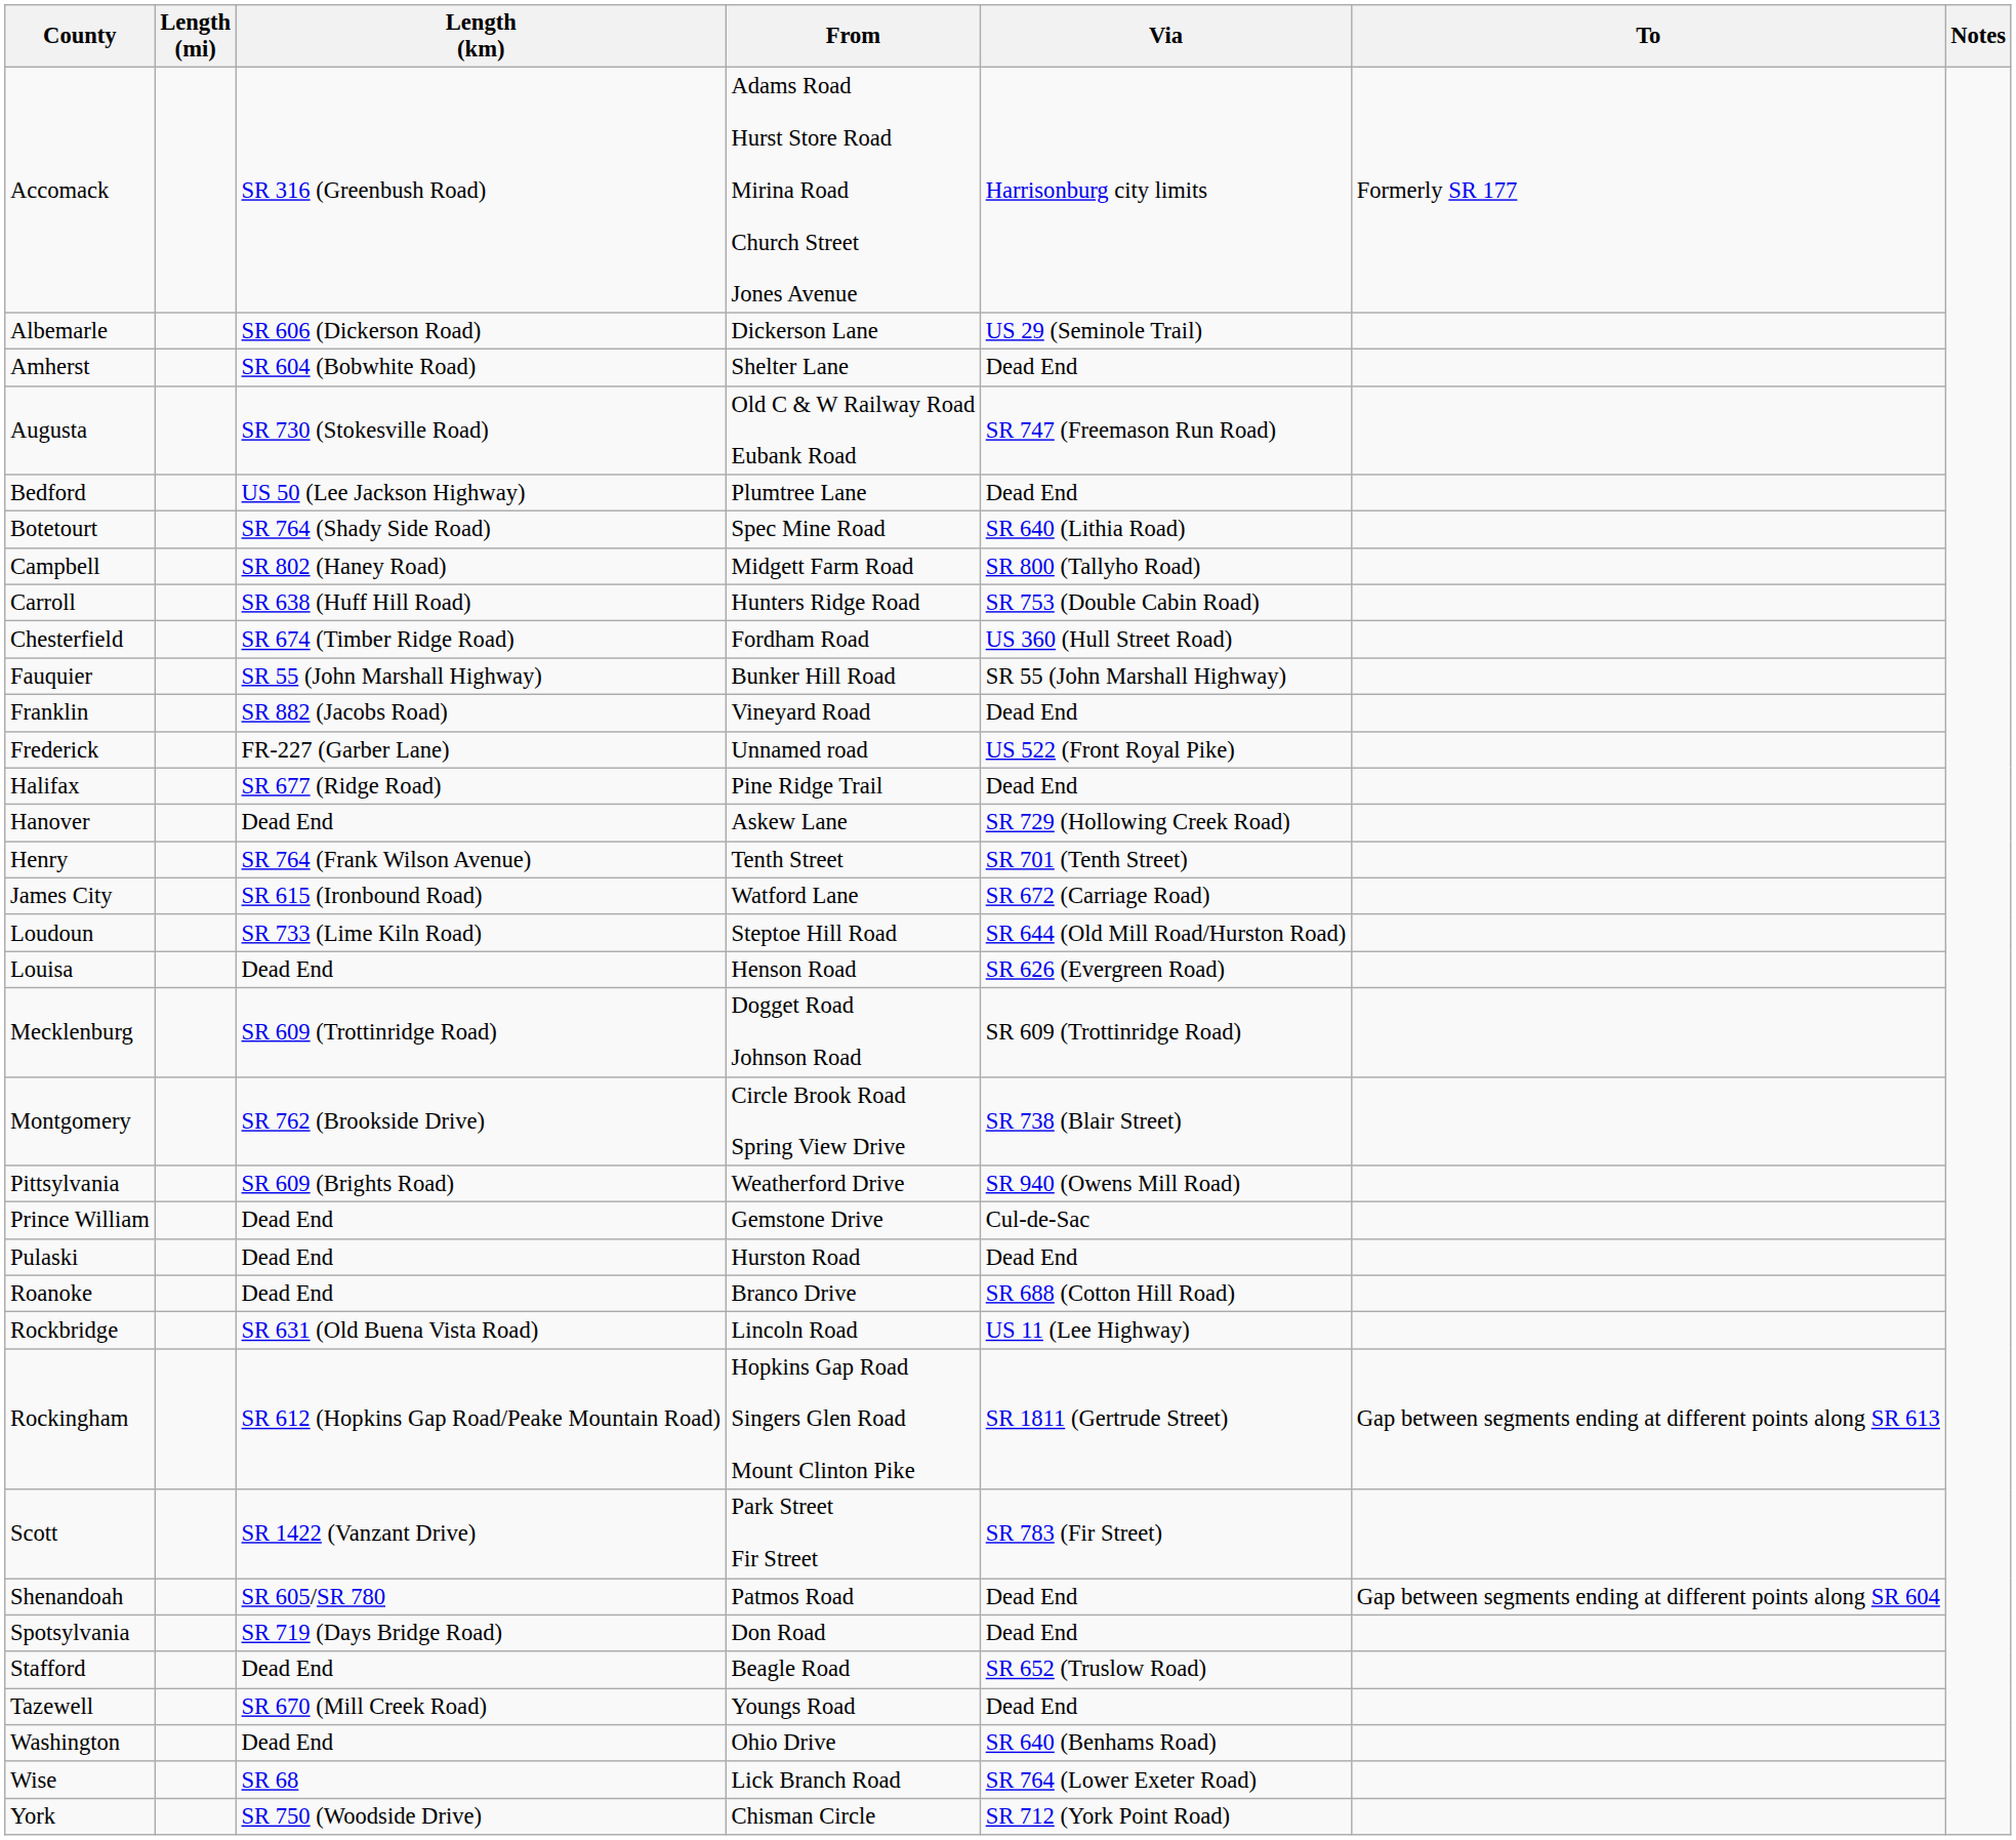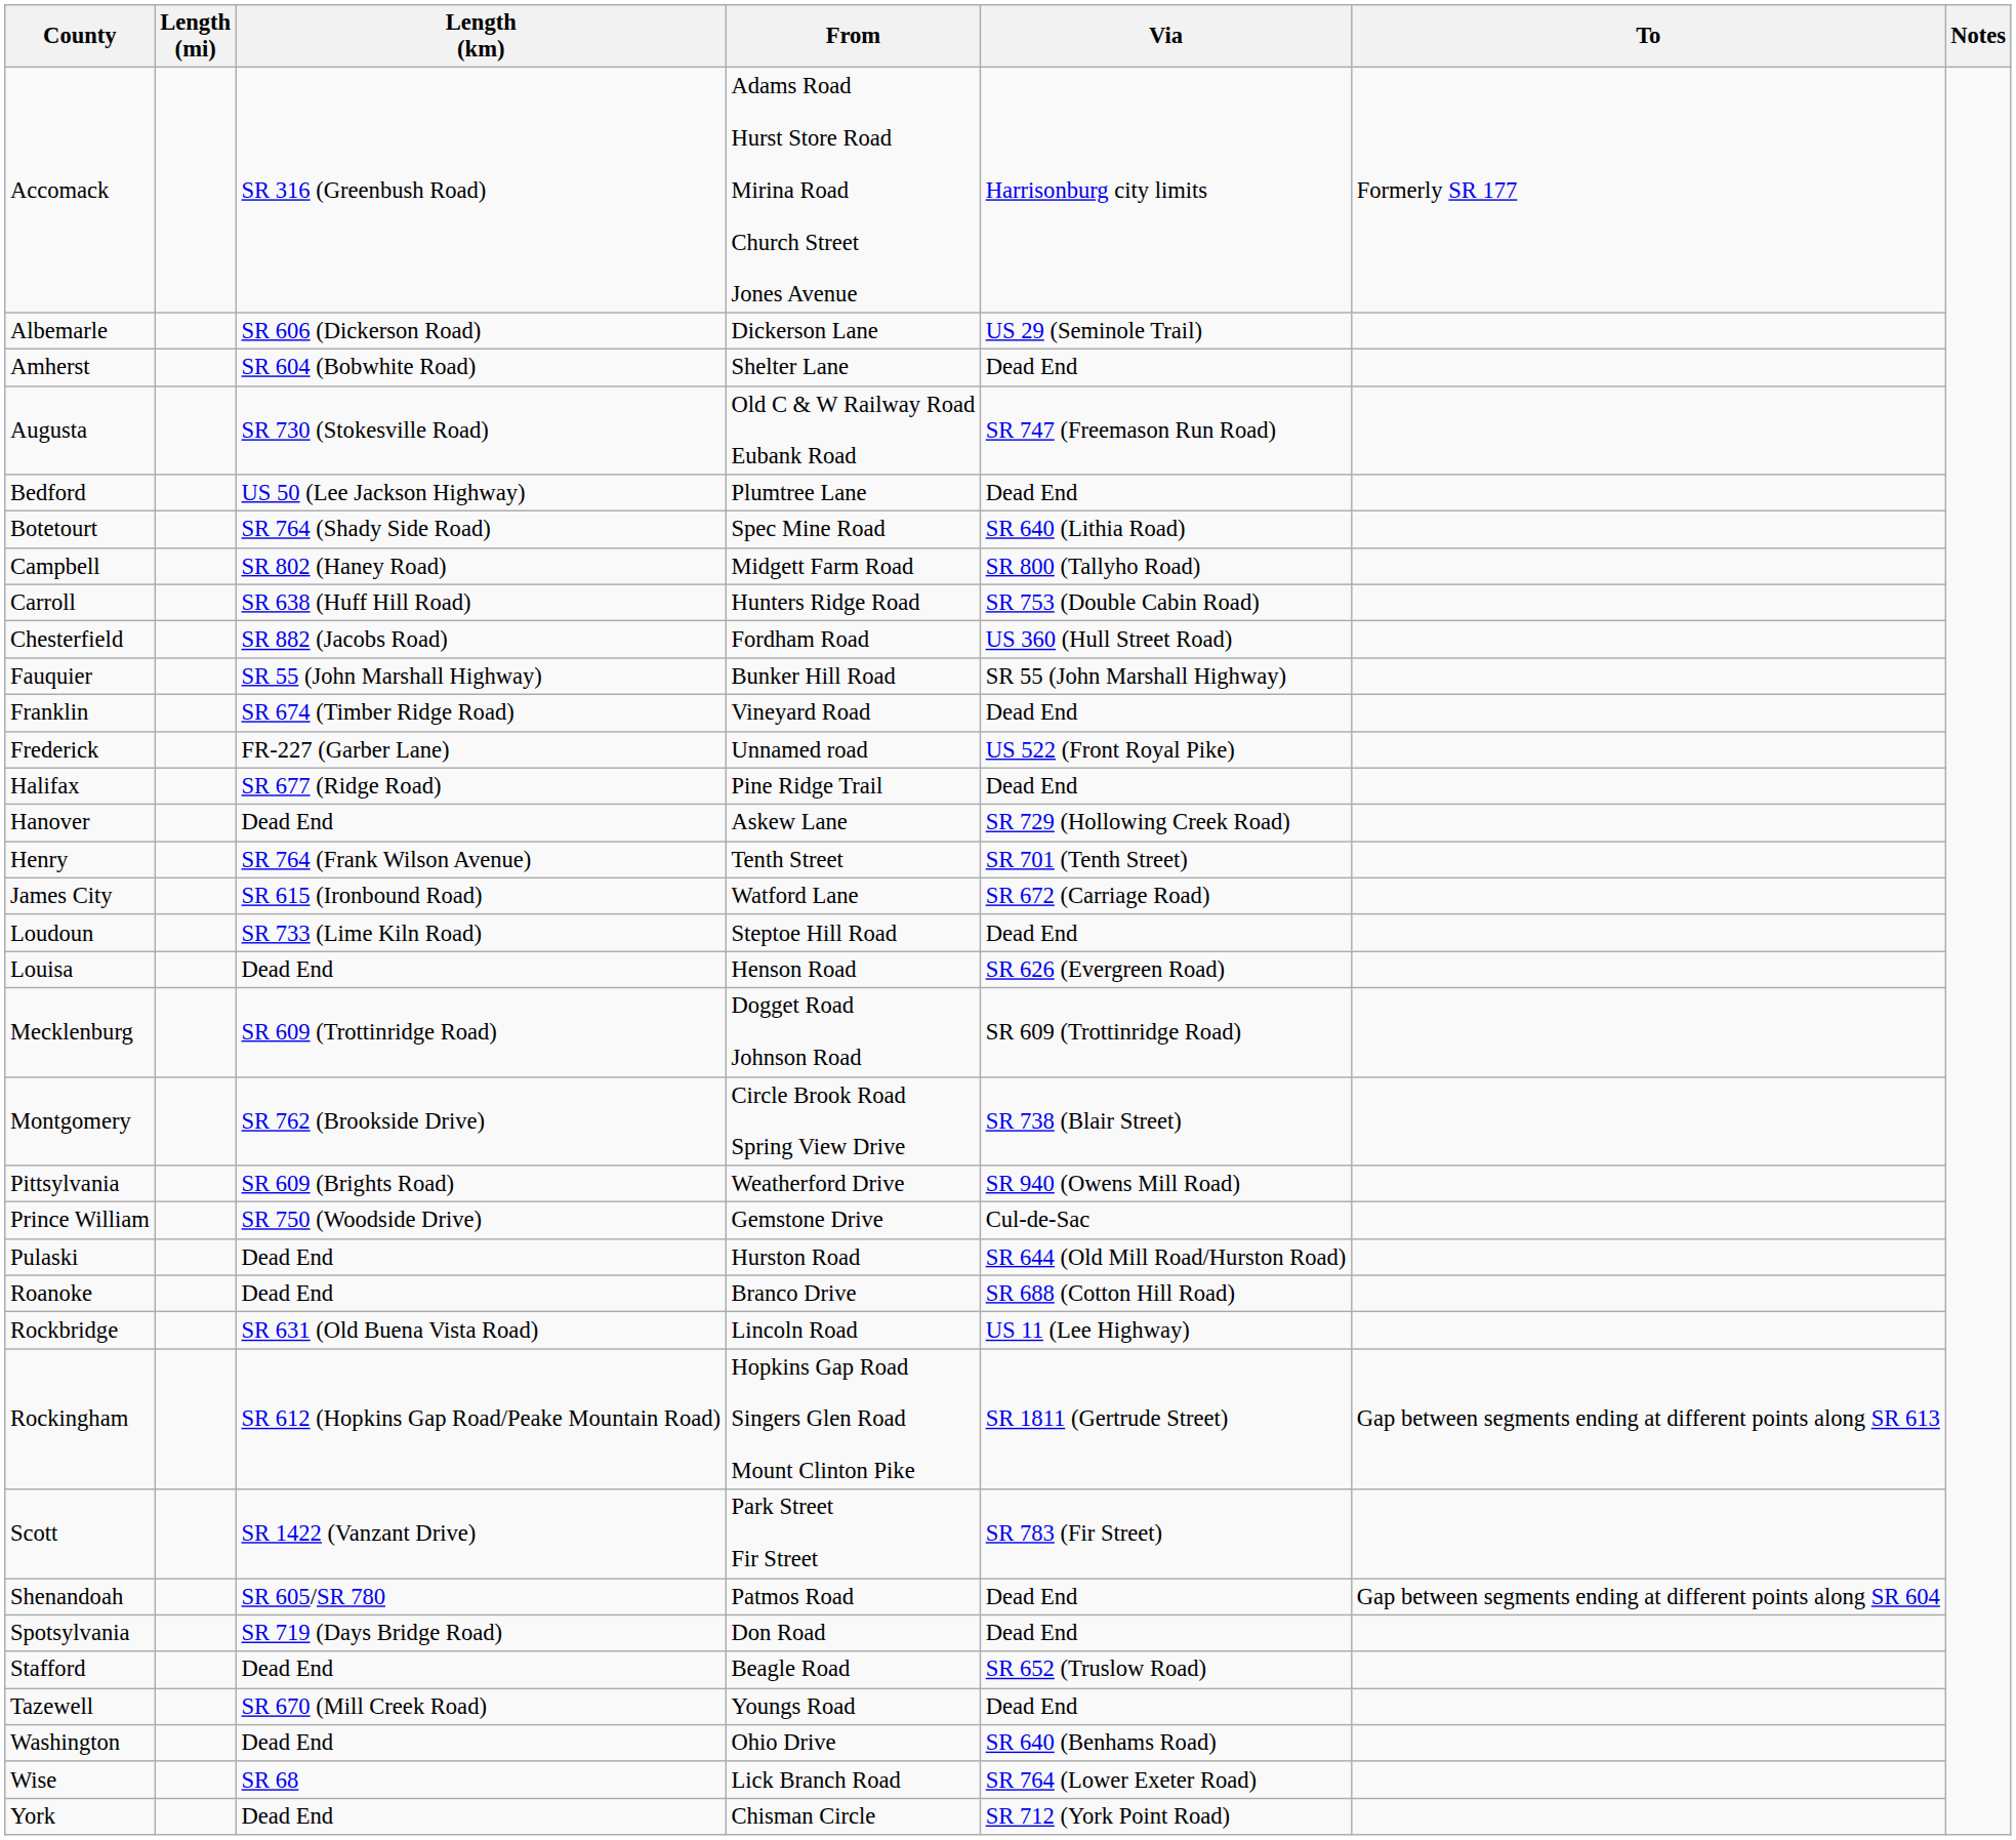 <table class="wikitable sortable">
 <tr>
 <th>County</th>
 <th>Length<br>(mi)</th>
 <th>Length<br>(km)</th>
 <th class="unsortable">From</th>
 <th class="unsortable">Via</th>
 <th class="unsortable">To</th>
 <th class="unsortable">Notes</th>
 </tr>
 <tr>
 <td id="Accomack">Accomack</td>
 <td></td>
 <td><a href='#'>SR 316</a> (Greenbush Road)</td>
 <td>Adams Road<br><br>Hurst Store Road<br><br>Mirina Road<br><br>Church Street<br><br>Jones Avenue</td>
 <td><a href='#'>Harrisonburg</a> city limits</td>
 <td>Formerly <a href='#'>SR 177</a></td>
 </tr>
 <tr>
 <td id="Albemarle">Albemarle</td>
 <td></td>
 <td><a href='#'>SR 606</a> (Dickerson Road)</td>
 <td>Dickerson Lane</td>
 <td><a href='#'>US 29</a> (Seminole Trail)</td>
 <td><br> </td>
 </tr>
 <tr>
 <td id="Amherst">Amherst</td>
 <td></td>
 <td><a href='#'>SR 604</a> (Bobwhite Road)</td>
 <td>Shelter Lane</td>
 <td>Dead End</td>
 <td><br> </td>
 </tr>
 <tr>
 <td id="Augusta">Augusta</td>
 <td></td>
 <td><a href='#'>SR 730</a> (Stokesville Road)</td>
 <td>Old C & W Railway Road<br><br>Eubank Road</td>
 <td><a href='#'>SR 747</a> (Freemason Run Road)</td>
 <td><br></td>
 </tr>
 <tr>
 <td id="Bedford">Bedford</td>
 <td></td>
 <td><a href='#'>US 50</a> (Lee Jackson Highway)</td>
 <td>Plumtree Lane</td>
 <td>Dead End</td>
 <td><br></td>
 </tr>
 <tr>
 <td id="Botetourt">Botetourt</td>
 <td></td>
 <td><a href='#'>SR 764</a> (Shady Side Road)</td>
 <td>Spec Mine Road</td>
 <td><a href='#'>SR 640</a> (Lithia Road)</td>
 <td><br>  </td>
 </tr>
 <tr>
 <td id="Campbell">Campbell</td>
 <td></td>
 <td><a href='#'>SR 802</a> (Haney Road)</td>
 <td>Midgett Farm Road</td>
 <td><a href='#'>SR 800</a> (Tallyho Road)</td>
 <td><br></td>
 </tr>
 <tr>
 <td id="Carroll">Carroll</td>
 <td></td>
 <td><a href='#'>SR 638</a> (Huff Hill Road)</td>
 <td>Hunters Ridge Road</td>
 <td><a href='#'>SR 753</a> (Double Cabin Road)</td>
 <td><br> </td>
 </tr>
 <tr>
 <td id="Chesterfield">Chesterfield</td>
 <td></td>
-<td><a href='#'>SR 674</a> (Timber Ridge Road)</td>
+<td><a href='#'>SR 882</a> (Jacobs Road)</td>
 <td>Fordham Road</td>
 <td><a href='#'>US 360</a> (Hull Street Road)</td>
 <td><br>       </td>
 </tr>
 <tr>
 <td id="Fauquier">Fauquier</td>
 <td></td>
 <td><a href='#'>SR 55</a> (John Marshall Highway)</td>
 <td>Bunker Hill Road</td>
 <td>SR 55 (John Marshall Highway)</td>
 <td><br> </td>
 </tr>
 <tr>
 <td id="Franklin">Franklin</td>
 <td></td>
-<td><a href='#'>SR 882</a> (Jacobs Road)</td>
+<td><a href='#'>SR 674</a> (Timber Ridge Road)</td>
 <td>Vineyard Road</td>
 <td>Dead End</td>
 <td></td>
 </tr>
 <tr>
 <td id="Frederick">Frederick</td>
 <td></td>
 <td>FR-227 (Garber Lane)</td>
 <td>Unnamed road</td>
 <td><a href='#'>US 522</a> (Front Royal Pike)</td>
 <td><br>     </td>
 </tr>
 <tr>
 <td id="Halifax">Halifax</td>
 <td></td>
 <td><a href='#'>SR 677</a> (Ridge Road)</td>
 <td>Pine Ridge Trail</td>
 <td>Dead End</td>
 <td></td>
 </tr>
 <tr>
 <td id="Hanover">Hanover</td>
 <td></td>
 <td>Dead End</td>
 <td>Askew Lane</td>
 <td><a href='#'>SR 729</a> (Hollowing Creek Road)</td>
 <td><br></td>
 </tr>
 <tr>
 <td id="Henry">Henry</td>
 <td></td>
 <td><a href='#'>SR 764</a> (Frank Wilson Avenue)</td>
 <td>Tenth Street</td>
 <td><a href='#'>SR 701</a> (Tenth Street)</td>
 <td><br> </td>
 </tr>
 <tr>
 <td id="James City">James City</td>
 <td></td>
 <td><a href='#'>SR 615</a> (Ironbound Road)</td>
 <td>Watford Lane</td>
 <td><a href='#'>SR 672</a> (Carriage Road)</td>
 <td><br>    </td>
 </tr>
 <tr>
 <td id="Loudoun">Loudoun</td>
 <td></td>
 <td><a href='#'>SR 733</a> (Lime Kiln Road)</td>
 <td>Steptoe Hill Road</td>
-<td><a href='#'>SR 644</a> (Old Mill Road/Hurston Road)</td>
+<td>Dead End</td>
 <td></td>
 </tr>
 <tr>
 <td id="Louisa">Louisa</td>
 <td></td>
 <td>Dead End</td>
 <td>Henson Road</td>
 <td><a href='#'>SR 626</a> (Evergreen Road)</td>
 <td><br>  </td>
 </tr>
 <tr>
 <td id="Mecklenburg">Mecklenburg</td>
 <td></td>
 <td><a href='#'>SR 609</a> (Trottinridge Road)</td>
 <td>Dogget Road<br><br>Johnson Road</td>
 <td>SR 609 (Trottinridge Road)</td>
 <td><br></td>
 </tr>
 <tr>
 <td id="Montgomery">Montgomery</td>
 <td></td>
 <td><a href='#'>SR 762</a> (Brookside Drive)</td>
 <td>Circle Brook Road<br><br>Spring View Drive</td>
 <td><a href='#'>SR 738</a> (Blair Street)</td>
 <td><br>       </td>
 </tr>
 <tr>
 <td id="Pittsylvania">Pittsylvania</td>
 <td></td>
 <td><a href='#'>SR 609</a> (Brights Road)</td>
 <td>Weatherford Drive</td>
 <td><a href='#'>SR 940</a> (Owens Mill Road)</td>
 <td><br>  </td>
 </tr>
 <tr>
 <td id="Prince William">Prince William</td>
 <td></td>
-<td>Dead End</td>
+<td><a href='#'>SR 750</a> (Woodside Drive)</td>
 <td>Gemstone Drive</td>
 <td>Cul-de-Sac</td>
 <td></td>
 </tr>
 <tr>
 <td id="Pulaski">Pulaski</td>
 <td></td>
 <td>Dead End</td>
 <td>Hurston Road</td>
-<td>Dead End</td>
+<td><a href='#'>SR 644</a> (Old Mill Road/Hurston Road)</td>
 <td><br> </td>
 </tr>
 <tr>
 <td id="Roanoke">Roanoke</td>
 <td></td>
 <td>Dead End</td>
 <td>Branco Drive</td>
 <td><a href='#'>SR 688</a> (Cotton Hill Road)</td>
 <td></td>
 </tr>
 <tr>
 <td id="Rockbridge">Rockbridge</td>
 <td></td>
 <td><a href='#'>SR 631</a> (Old Buena Vista Road)</td>
 <td>Lincoln Road</td>
 <td><a href='#'>US 11</a> (Lee Highway)</td>
 <td></td>
 </tr>
 <tr>
 <td id="Rockingham">Rockingham</td>
 <td></td>
 <td><a href='#'>SR 612</a> (Hopkins Gap Road/Peake Mountain Road)</td>
 <td>Hopkins Gap Road<br><br>Singers Glen Road<br><br>Mount Clinton Pike</td>
 <td><a href='#'>SR 1811</a> (Gertrude Street)</td>
 <td>Gap between segments ending at different points along <a href='#'>SR 613</a><br></td>
 </tr>
 <tr>
 <td id="Scott">Scott</td>
 <td></td>
 <td><a href='#'>SR 1422</a> (Vanzant Drive)</td>
 <td>Park Street<br><br>Fir Street</td>
 <td><a href='#'>SR 783</a> (Fir Street)</td>
 <td></td>
 </tr>
 <tr>
 <td id="Shenandoah">Shenandoah</td>
 <td></td>
 <td><a href='#'>SR 605</a>/<a href='#'>SR 780</a></td>
 <td>Patmos Road</td>
 <td>Dead End</td>
 <td>Gap between segments ending at different points along <a href='#'>SR 604</a><br> </td>
 </tr>
 <tr>
 <td id="Spotsylvania">Spotsylvania</td>
 <td></td>
 <td><a href='#'>SR 719</a> (Days Bridge Road)</td>
 <td>Don Road</td>
 <td>Dead End</td>
 <td></td>
 </tr>
 <tr>
 <td id="Stafford">Stafford</td>
 <td></td>
 <td>Dead End</td>
 <td>Beagle Road</td>
 <td><a href='#'>SR 652</a> (Truslow Road)</td>
 <td><br> </td>
 </tr>
 <tr>
 <td id="Tazewell">Tazewell</td>
 <td></td>
 <td><a href='#'>SR 670</a> (Mill Creek Road)</td>
 <td>Youngs Road</td>
 <td>Dead End</td>
 <td><br></td>
 </tr>
 <tr>
 <td id="Washington">Washington</td>
 <td></td>
 <td>Dead End</td>
 <td>Ohio Drive</td>
 <td><a href='#'>SR 640</a> (Benhams Road)</td>
 <td><br></td>
 </tr>
 <tr>
 <td id="Wise">Wise</td>
 <td></td>
 <td><a href='#'>SR 68</a></td>
 <td>Lick Branch Road</td>
 <td><a href='#'>SR 764</a> (Lower Exeter Road)</td>
 <td><br></td>
 </tr>
 <tr>
 <td id="York">York</td>
 <td></td>
-<td><a href='#'>SR 750</a> (Woodside Drive)</td>
+<td>Dead End</td>
 <td>Chisman Circle</td>
 <td><a href='#'>SR 712</a> (York Point Road)</td>
 <td></td>
 </tr>
 </table>
